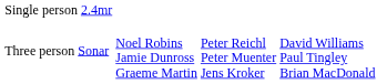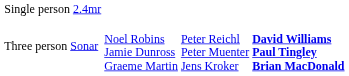 <table>
 <tr>
 <td>Single person <a href='#'>2.4mr</a></td>
 <td></td>
 <td></td>
 <td></td>
 </tr>
 <tr>
 <td>Three person <a href='#'>Sonar</a></td>
 <td> <br> <a href='#'>Noel Robins</a> <br> <a href='#'>Jamie Dunross</a> <br> <a href='#'>Graeme Martin</a></td>
 <td> <br> <a href='#'>Peter Reichl</a> <br> <a href='#'>Peter Muenter</a> <br> <a href='#'>Jens Kroker</a></td>
-<td> <br> <a href='#'>David Williams</a> <br> <a href='#'>Paul Tingley</a> <br> <a href='#'>Brian MacDonald</a></td>
+<td><strong> <br> <a href='#'>David Williams</a> <br> <a href='#'>Paul Tingley</a> <br> <a href='#'>Brian MacDonald</a></strong></td>
 </tr>
 </table>
